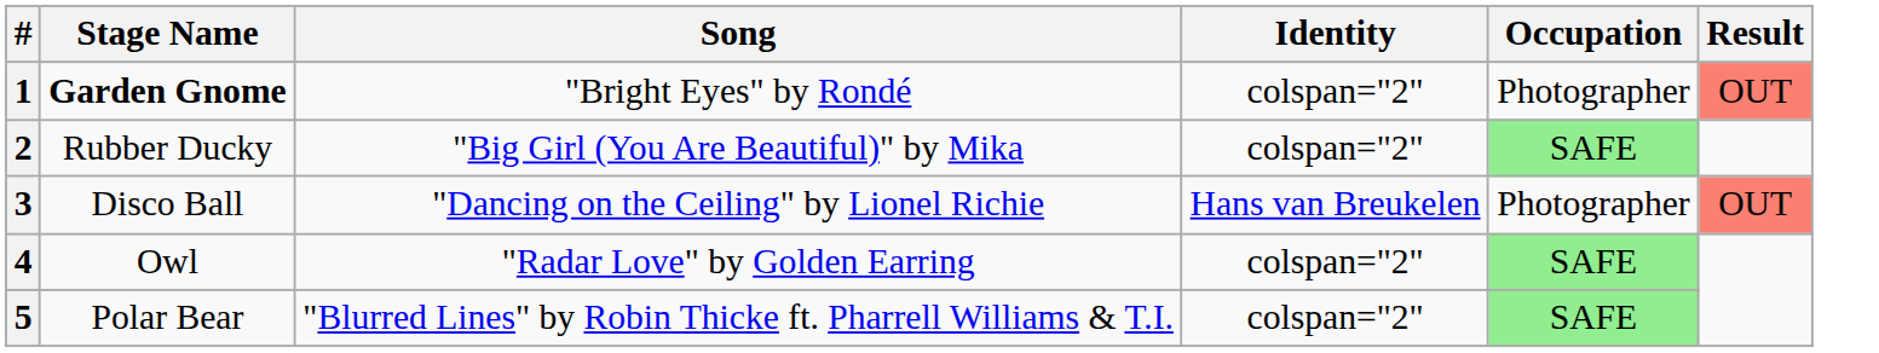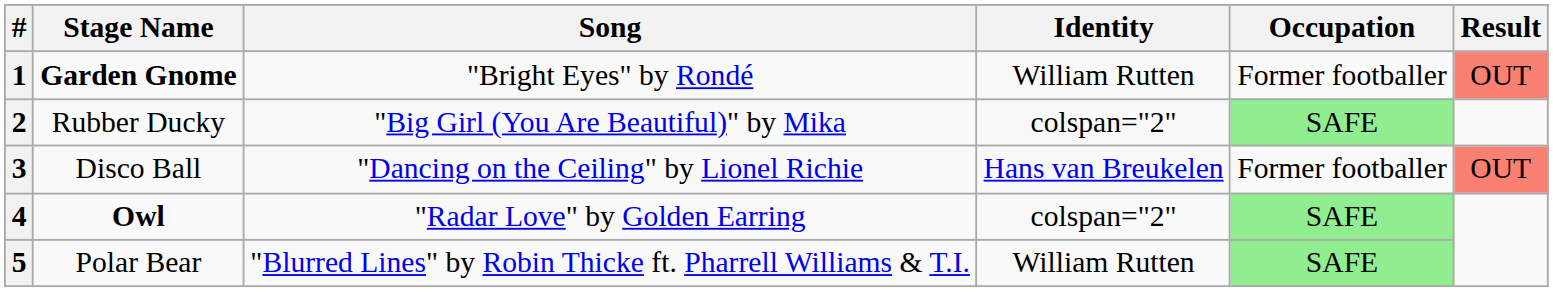 <table class="wikitable plainrowheaders" style="text-align: center;">
 <tr>
 <th><strong>#</strong></th>
 <th><strong>Stage Name</strong></th>
 <th><strong>Song</strong></th>
 <th>Identity</th>
 <th><strong>Occupation</strong></th>
 <th>Result</th>
 </tr>
 <tr>
 <th>1</th>
 <td><strong>Garden Gnome</strong></td>
 <td>"Bright Eyes" by <a href='#'>Rondé</a></td>
-<td>colspan="2" </td>
-<td>Photographer</td>
+<td>William Rutten</td>
+<td>Former footballer</td>
 <td bgcolor="salmon">OUT</td>
 </tr>
 <tr>
 <th>2</th>
 <td>Rubber Ducky</td>
 <td>"<a href='#'>Big Girl (You Are Beautiful)</a>" by <a href='#'>Mika</a></td>
 <td>colspan="2" </td>
 <td bgcolor="lightgreen">SAFE</td>
 </tr>
 <tr>
 <th>3</th>
 <td>Disco Ball</td>
 <td>"<a href='#'>Dancing on the Ceiling</a>" by <a href='#'>Lionel Richie</a></td>
 <td><a href='#'>Hans van Breukelen</a></td>
-<td>Photographer</td>
+<td>Former footballer</td>
 <td bgcolor="salmon">OUT</td>
 </tr>
 <tr>
 <th>4</th>
-<td>Owl</td>
+<td><strong>Owl</strong></td>
 <td>"<a href='#'>Radar Love</a>" by <a href='#'>Golden Earring</a></td>
 <td>colspan="2" </td>
 <td bgcolor="lightgreen">SAFE</td>
 </tr>
 <tr>
 <th>5</th>
 <td>Polar Bear</td>
 <td>"<a href='#'>Blurred Lines</a>" by <a href='#'>Robin Thicke</a> ft. <a href='#'>Pharrell Williams</a> & <a href='#'>T.I.</a></td>
-<td>colspan="2" </td>
+<td>William Rutten</td>
 <td bgcolor="lightgreen">SAFE</td>
 </tr>
 </table>
